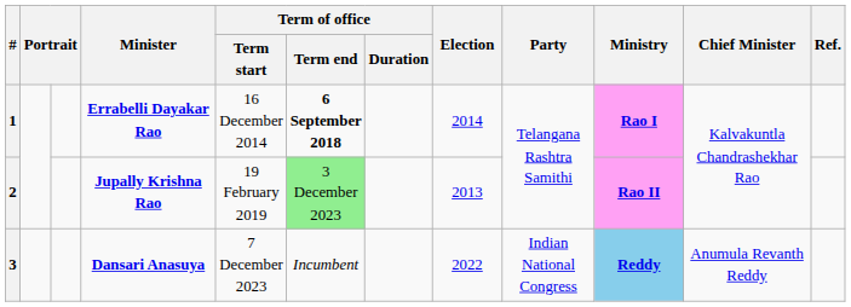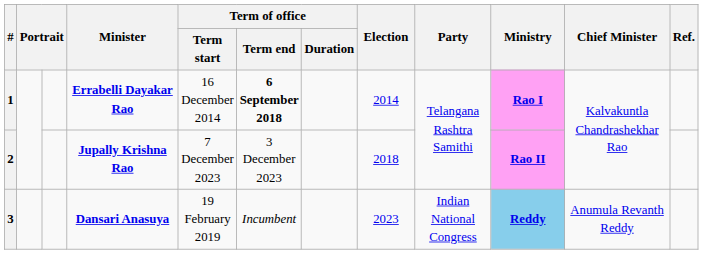 <table class="wikitable" style="line-height:1.4em; text-align:center">
 <tr>
 <th rowspan=2>#</th>
 <th rowspan=2 colspan="2">Portrait</th>
 <th rowspan=2 style="width:16em">Minister<br></th>
 <th colspan="3">Term of office</th>
 <th rowspan=2 style="width:5em">Election<br></th>
 <th rowspan=2 style="width:8em">Party</th>
 <th rowspan=2 style="width:8em">Ministry</th>
 <th rowspan=2 style="width:10em">Chief Minister</th>
 <th rowspan=2>Ref.</th>
 </tr>
 <tr>
 <th>Term start</th>
 <th>Term end</th>
 <th>Duration</th>
 </tr>
 <tr>
 <th>1</th>
 <td rowspan=2></td>
 <td></td>
 <td><strong><a href='#'>Errabelli Dayakar Rao</a></strong><br></td>
 <td>16 December 2014</td>
 <td><strong>6 September 2018</strong></td>
 <td><strong></strong></td>
 <td><a href='#'>2014</a><br></td>
 <td rowspan="2"><a href='#'>Telangana Rashtra Samithi</a></td>
 <td bgcolor="#FFA1F4"><strong><a href='#'>Rao I</a></strong></td>
 <td rowspan="2"><a href='#'>Kalvakuntla Chandrashekhar Rao</a></td>
 <td></td>
 </tr>
 <tr>
 <th>2</th>
 <td></td>
 <td><strong><a href='#'>Jupally Krishna Rao</a></strong><br></td>
-<td>19 February 2019</td>
-<td style="background: lightgreen;">3 December 2023</td>
+<td>7 December 2023</td>
+<td>3 December 2023</td>
 <td><strong></strong></td>
-<td><a href='#'>2013</a><br></td>
+<td><a href='#'>2018</a><br></td>
 <td bgcolor="#FFA1F4"><strong><a href='#'>Rao II</a></strong></td>
 <td></td>
 </tr>
 <tr>
 <th>3</th>
 <td></td>
 <td></td>
 <td><strong><a href='#'>Dansari Anasuya</a></strong><br></td>
-<td>7 December 2023</td>
+<td>19 February 2019</td>
 <td><em>Incumbent</em></td>
 <td><strong></strong></td>
-<td><a href='#'>2022</a><br></td>
+<td><a href='#'>2023</a><br></td>
 <td><a href='#'>Indian National Congress</a></td>
 <td bgcolor="#87CEEB"><strong><a href='#'>Reddy</a></strong></td>
 <td><a href='#'>Anumula Revanth Reddy</a></td>
 <td></td>
 </tr>
 </table>
